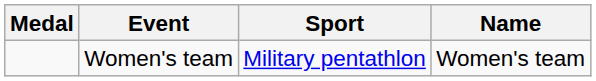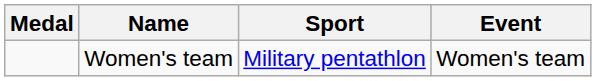 <table class="wikitable sortable" style="font-size: 95%;">
 <tr>
 <th>Medal</th>
+<th>Name</th>
+<th>Sport</th>
 <th>Event</th>
-<th>Sport</th>
-<th>Name</th>
 </tr>
 <tr>
 <td></td>
 <td>Women's team</td>
 <td><a href='#'>Military pentathlon</a></td>
 <td>Women's team</td>
 </tr>
 </table>
